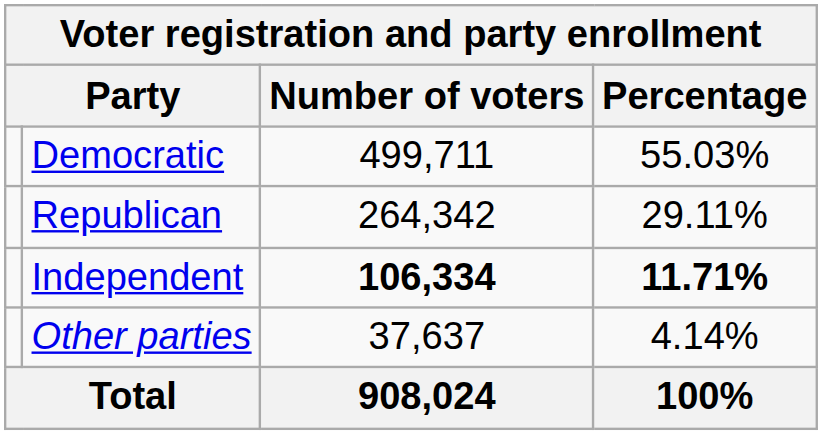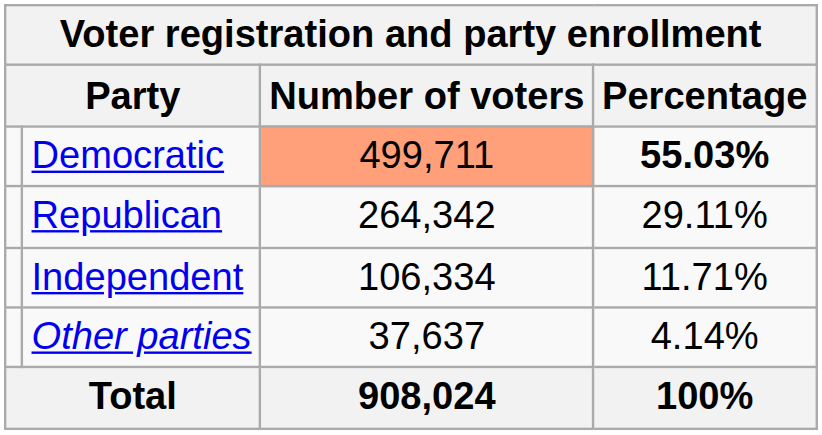 <table class="wikitable float">
 <tr>
 <th colspan = 6>Voter registration and party enrollment</th>
 </tr>
 <tr>
 <th colspan = 2>Party</th>
 <th>Number of voters</th>
 <th>Percentage</th>
 </tr>
 <tr>
 <td></td>
 <td><a href='#'>Democratic</a></td>
-<td style="text-align:center;">499,711</td>
-<td style="text-align:center;">55.03%</td>
+<td style="background: lightsalmon; text-align:center;">499,711</td>
+<td style="text-align:center;"><strong>55.03%</strong></td>
 </tr>
 <tr>
 <td></td>
 <td><a href='#'>Republican</a></td>
 <td style="text-align:center;">264,342</td>
 <td style="text-align:center;">29.11%</td>
 </tr>
 <tr>
 <td></td>
 <td><a href='#'>Independent</a></td>
-<td style="text-align:center;"><strong>106,334</strong></td>
-<td style="text-align:center;"><strong>11.71%</strong></td>
+<td style="text-align:center;">106,334</td>
+<td style="text-align:center;">11.71%</td>
 </tr>
 <tr>
 <td></td>
 <td><em><a href='#'>Other parties</a></em></td>
 <td style="text-align:center;">37,637</td>
 <td style="text-align:center;">4.14%</td>
 </tr>
 <tr>
 <th colspan="2">Total</th>
 <th style="text-align:center;">908,024</th>
 <th style="text-align:center;">100%</th>
 </tr>
 </table>
